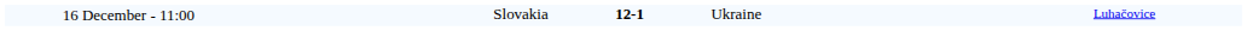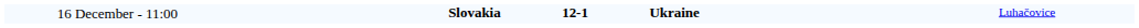 <table style="width: 100%; background:#F5FAFF;" cellspacing="0">
 <tr>
 <td align=center rowspan=3 width=20%>16 December - 11:00</td>
 </tr>
 <tr>
-<td width=24% align=right>Slovakia </td>
+<td width=24% align=right><strong>Slovakia </strong></td>
 <td align=center width=13%><strong>12-1</strong></td>
-<td width=24%> Ukraine</td>
+<td width=24%><strong> Ukraine</strong></td>
 <td style=font-size:85% rowspan=3 valign=top align=center><a href='#'>Luhačovice</a></td>
 </tr>
 <tr style=font-size:85%>
 <td align=right valign=top></td>
 <td></td>
 <td></td>
 </tr>
 </table>
